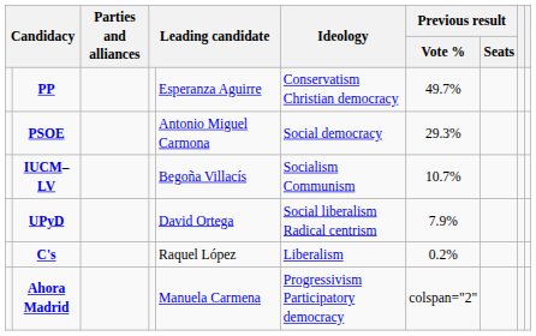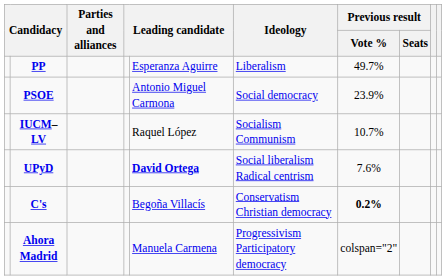 <table class="wikitable" style="line-height:1.35em; text-align:left;">
 <tr>
 <th colspan="2" rowspan="2">Candidacy</th>
 <th rowspan="2">Parties and<br>alliances</th>
 <th colspan="2" rowspan="2">Leading candidate</th>
 <th rowspan="2">Ideology</th>
 <th colspan="2">Previous result</th>
 <th rowspan="2"></th>
 <th rowspan="2"></th>
 </tr>
 <tr>
 <th>Vote %</th>
 <th>Seats</th>
 </tr>
 <tr>
 <td width="1" style="color:inherit;background:"></td>
 <td align="center"><strong><a href='#'>PP</a></strong></td>
 <td></td>
 <td></td>
 <td><a href='#'>Esperanza Aguirre</a></td>
-<td><a href='#'>Conservatism</a><br><a href='#'>Christian democracy</a></td>
+<td><a href='#'>Liberalism</a></td>
 <td align="center">49.7%</td>
 <td></td>
 <td></td>
 <td><br></td>
 </tr>
 <tr>
 <td style="color:inherit;background:"></td>
 <td align="center"><strong><a href='#'>PSOE</a></strong></td>
 <td></td>
 <td></td>
 <td><a href='#'>Antonio Miguel Carmona</a></td>
 <td><a href='#'>Social democracy</a></td>
-<td align="center">29.3%</td>
+<td align="center">23.9%</td>
 <td></td>
 <td></td>
 <td></td>
 </tr>
 <tr>
 <td style="color:inherit;background:"></td>
 <td align="center"><strong><a href='#'>IUCM</a>–<a href='#'>LV</a></strong></td>
 <td></td>
 <td></td>
-<td><a href='#'>Begoña Villacís</a></td>
+<td>Raquel López</td>
 <td><a href='#'>Socialism</a><br><a href='#'>Communism</a></td>
 <td align="center">10.7%</td>
 <td></td>
 <td></td>
 <td></td>
 </tr>
 <tr>
 <td style="color:inherit;background:"></td>
 <td align="center"><strong><a href='#'>UPyD</a></strong></td>
 <td></td>
 <td></td>
-<td><a href='#'>David Ortega</a></td>
+<td><strong><a href='#'>David Ortega</a></strong></td>
 <td><a href='#'>Social liberalism</a><br><a href='#'>Radical centrism</a></td>
-<td align="center">7.9%</td>
+<td align="center">7.6%</td>
 <td></td>
 <td></td>
 <td></td>
 </tr>
 <tr>
 <td style="color:inherit;background:"></td>
 <td align="center"><strong><a href='#'>C's</a></strong></td>
 <td></td>
 <td></td>
-<td>Raquel López</td>
-<td><a href='#'>Liberalism</a></td>
-<td align="center">0.2%</td>
+<td><a href='#'>Begoña Villacís</a></td>
+<td><a href='#'>Conservatism</a><br><a href='#'>Christian democracy</a></td>
+<td align="center"><strong>0.2%</strong></td>
 <td></td>
 <td></td>
 <td></td>
 </tr>
 <tr>
 <td style="color:inherit;background:"></td>
 <td align="center"><strong><a href='#'>Ahora<br>Madrid</a></strong></td>
 <td></td>
 <td></td>
 <td><a href='#'>Manuela Carmena</a></td>
 <td><a href='#'>Progressivism</a><br><a href='#'>Participatory democracy</a></td>
 <td>colspan="2" </td>
 <td></td>
 <td></td>
 </tr>
 </table>
